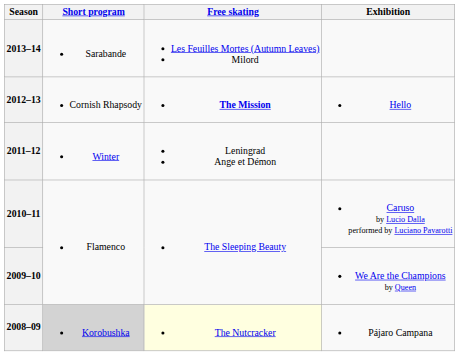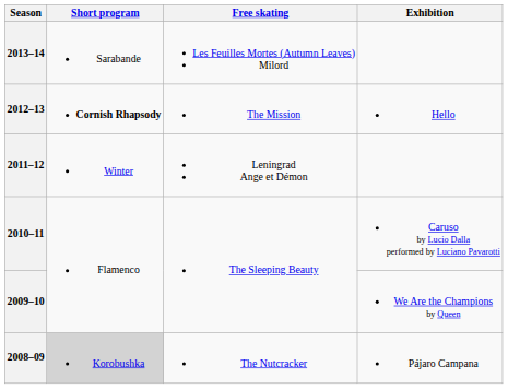 <table class="wikitable" style="text-align:center">
 <tr>
 <th>Season</th>
 <th><a href='#'>Short program</a></th>
 <th><a href='#'>Free skating</a></th>
 <th>Exhibition</th>
 </tr>
 <tr>
 <th>2013–14 <br> </th>
 <td><br><ul><li>Sarabande <br></li></ul></td>
 <td><br><ul><li><a href='#'>Les Feuilles Mortes (Autumn Leaves)</a> <br></li><li>Milord <br></li></ul></td>
 <td></td>
 </tr>
 <tr>
 <th>2012–13 <br> </th>
-<td><br><ul><li>Cornish Rhapsody <br></li></ul></td>
-<td><strong><br><ul><li><a href='#'>The Mission</a> <br></li></ul></strong></td>
+<td><strong><br><ul><li>Cornish Rhapsody <br></li></ul></strong></td>
+<td><br><ul><li><a href='#'>The Mission</a> <br></li></ul></td>
 <td><br><ul><li><a href='#'>Hello</a> <br></li></ul></td>
 </tr>
 <tr>
 <th>2011–12</th>
 <td><br><ul><li><a href='#'>Winter</a> <br></li></ul></td>
 <td><br><ul><li>Leningrad <br></li><li>Ange et Démon <br></li></ul></td>
 <td></td>
 </tr>
 <tr>
 <th>2010–11 <br> </th>
 <td rowspan=2><br><ul><li>Flamenco <br></li></ul></td>
 <td rowspan=2><br><ul><li><a href='#'>The Sleeping Beauty</a> <br></li></ul></td>
 <td><br><ul><li><a href='#'>Caruso</a> <br><small> by <a href='#'>Lucio Dalla</a> <br> performed by <a href='#'>Luciano Pavarotti</a> </small></li></ul></td>
 </tr>
 <tr>
 <th>2009–10</th>
 <td><br><ul><li><a href='#'>We Are the Champions</a> <br><small> by <a href='#'>Queen</a> </small></li></ul></td>
 </tr>
 <tr>
 <th>2008–09 <br> </th>
 <td style="background: lightgrey;"><br><ul><li><a href='#'>Korobushka</a> <br></li></ul></td>
-<td style="background: lightyellow;"><br><ul><li><a href='#'>The Nutcracker</a> <br></li></ul></td>
+<td><br><ul><li><a href='#'>The Nutcracker</a> <br></li></ul></td>
 <td><br><ul><li>Pájaro Campana <br></li></ul></td>
 </tr>
 </table>
